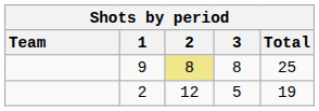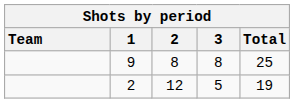 <table class="wikitable" style="width:20em; text-align:right;">
 <tr>
 <th colspan=6>Shots by period</th>
 </tr>
 <tr>
 <th style="width:8em; text-align:left;">Team</th>
 <th style="width:3em;">1</th>
 <th style="width:3em;">2</th>
 <th style="width:3em;">3</th>
 <th style="width:3em;">Total</th>
 </tr>
 <tr>
 <td style="text-align:left;"></td>
 <td align=center>9</td>
-<td align=center style="background: khaki;">8</td>
+<td align=center>8</td>
 <td align=center>8</td>
 <td align=center>25</td>
 </tr>
 <tr>
 <td style="text-align:left;"></td>
 <td align=center>2</td>
 <td align=center>12</td>
 <td align=center>5</td>
 <td align=center>19</td>
 </tr>
 </table>
